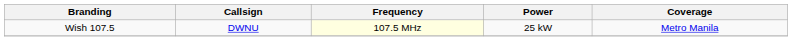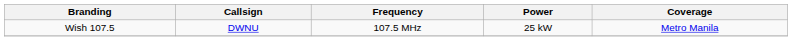 <table class="wikitable" style="width:100%; text-align:center;">
 <tr>
 <th>Branding</th>
 <th>Callsign</th>
 <th>Frequency</th>
 <th>Power</th>
 <th>Coverage</th>
 </tr>
 <tr>
 <td>Wish 107.5</td>
 <td><a href='#'>DWNU</a></td>
-<td style="background: lightyellow;">107.5 MHz</td>
+<td>107.5 MHz</td>
 <td>25 kW</td>
 <td><a href='#'>Metro Manila</a></td>
 </tr>
 <tr>
 </tr>
 </table>
